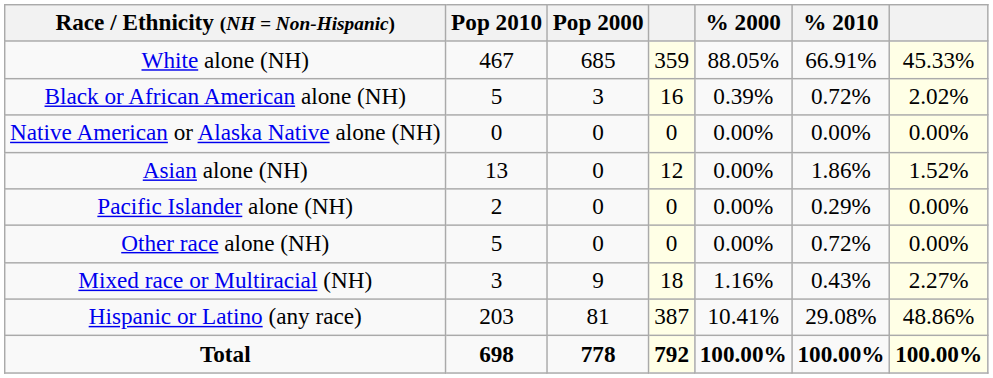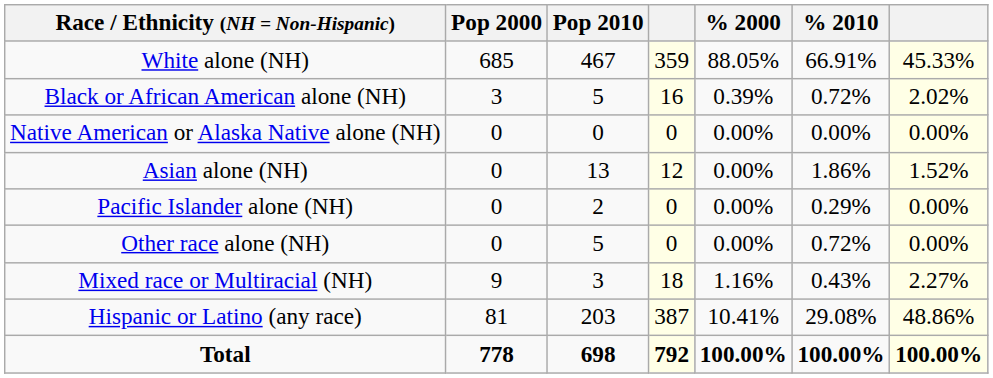 <table class="wikitable" style="text-align:center;">
 <tr>
 <th>Race / Ethnicity <small>(<em>NH = Non-Hispanic</em>)</small></th>
+<th>Pop 2000</th>
 <th>Pop 2010</th>
-<th>Pop 2000</th>
 <th></th>
 <th>% 2000</th>
 <th>% 2010</th>
 <th></th>
 </tr>
 <tr>
 <td><a href='#'>White</a> alone (NH)</td>
+<td>685</td>
 <td>467</td>
-<td>685</td>
 <td style='background: #ffffe6;'>359</td>
 <td>88.05%</td>
 <td>66.91%</td>
 <td style='background: #ffffe6;'>45.33%</td>
 </tr>
 <tr>
 <td><a href='#'>Black or African American</a> alone (NH)</td>
+<td>3</td>
 <td>5</td>
-<td>3</td>
 <td style='background: #ffffe6;'>16</td>
 <td>0.39%</td>
 <td>0.72%</td>
 <td style='background: #ffffe6;'>2.02%</td>
 </tr>
 <tr>
 <td><a href='#'>Native American</a> or <a href='#'>Alaska Native</a> alone (NH)</td>
 <td>0</td>
 <td>0</td>
 <td style='background: #ffffe6;'>0</td>
 <td>0.00%</td>
 <td>0.00%</td>
 <td style='background: #ffffe6;'>0.00%</td>
 </tr>
 <tr>
 <td><a href='#'>Asian</a> alone (NH)</td>
+<td>0</td>
 <td>13</td>
-<td>0</td>
 <td style='background: #ffffe6;'>12</td>
 <td>0.00%</td>
 <td>1.86%</td>
 <td style='background: #ffffe6;'>1.52%</td>
 </tr>
 <tr>
 <td><a href='#'>Pacific Islander</a> alone (NH)</td>
+<td>0</td>
 <td>2</td>
-<td>0</td>
 <td style='background: #ffffe6;'>0</td>
 <td>0.00%</td>
 <td>0.29%</td>
 <td style='background: #ffffe6;'>0.00%</td>
 </tr>
 <tr>
 <td><a href='#'>Other race</a> alone (NH)</td>
+<td>0</td>
 <td>5</td>
-<td>0</td>
 <td style='background: #ffffe6;'>0</td>
 <td>0.00%</td>
 <td>0.72%</td>
 <td style='background: #ffffe6;'>0.00%</td>
 </tr>
 <tr>
 <td><a href='#'>Mixed race or Multiracial</a> (NH)</td>
+<td>9</td>
 <td>3</td>
-<td>9</td>
 <td style='background: #ffffe6;'>18</td>
 <td>1.16%</td>
 <td>0.43%</td>
 <td style='background: #ffffe6;'>2.27%</td>
 </tr>
 <tr>
 <td><a href='#'>Hispanic or Latino</a> (any race)</td>
+<td>81</td>
 <td>203</td>
-<td>81</td>
 <td style='background: #ffffe6;'>387</td>
 <td>10.41%</td>
 <td>29.08%</td>
 <td style='background: #ffffe6;'>48.86%</td>
 </tr>
 <tr>
 <td><strong>Total</strong></td>
+<td><strong>778</strong></td>
 <td><strong>698</strong></td>
-<td><strong>778</strong></td>
 <td style='background: #ffffe6;'><strong>792</strong></td>
 <td><strong>100.00%</strong></td>
 <td><strong>100.00%</strong></td>
 <td style='background: #ffffe6;'><strong>100.00%</strong></td>
 </tr>
 </table>
